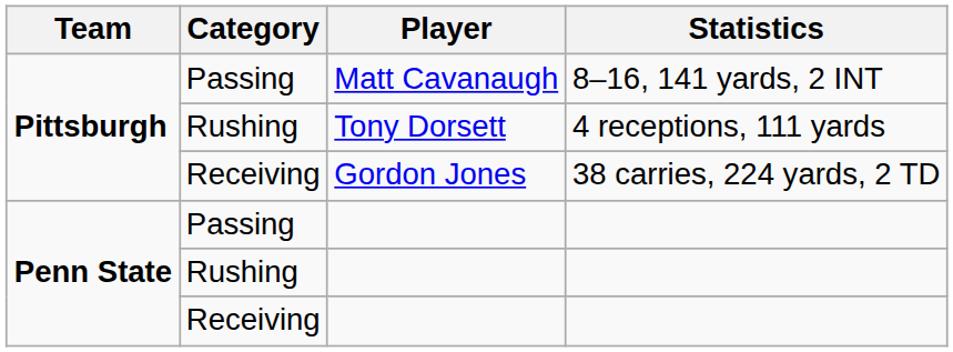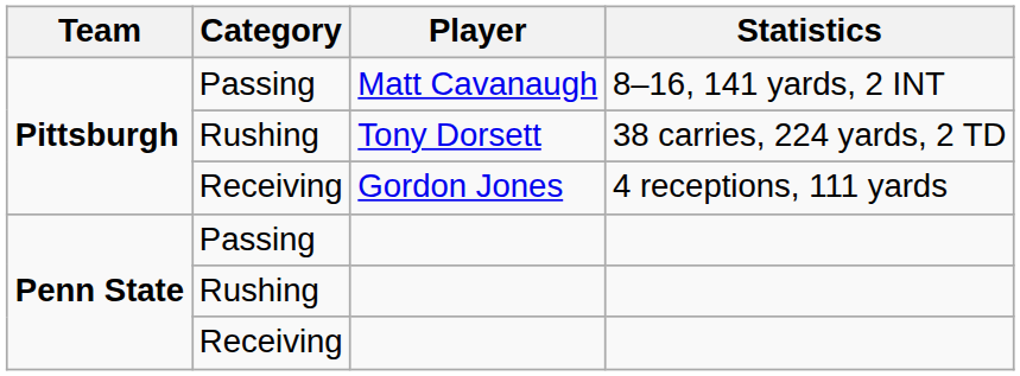 <table class="wikitable" style="float: right;">
 <tr>
 <th>Team</th>
 <th>Category</th>
 <th>Player</th>
 <th>Statistics</th>
 </tr>
 <tr>
 <td rowspan=3><strong>Pittsburgh</strong></td>
 <td>Passing</td>
 <td><a href='#'>Matt Cavanaugh</a></td>
 <td>8–16, 141 yards, 2 INT</td>
 </tr>
 <tr>
 <td>Rushing</td>
 <td><a href='#'>Tony Dorsett</a></td>
-<td>4 receptions, 111 yards</td>
+<td>38 carries, 224 yards, 2 TD</td>
 </tr>
 <tr>
 <td>Receiving</td>
 <td><a href='#'>Gordon Jones</a></td>
-<td>38 carries, 224 yards, 2 TD</td>
+<td>4 receptions, 111 yards</td>
 </tr>
 <tr>
 <td rowspan=3><strong>Penn State</strong></td>
 <td>Passing</td>
 <td></td>
 <td></td>
 </tr>
 <tr>
 <td>Rushing</td>
 <td></td>
 <td></td>
 </tr>
 <tr>
 <td>Receiving</td>
 <td></td>
 <td></td>
 </tr>
 </table>
